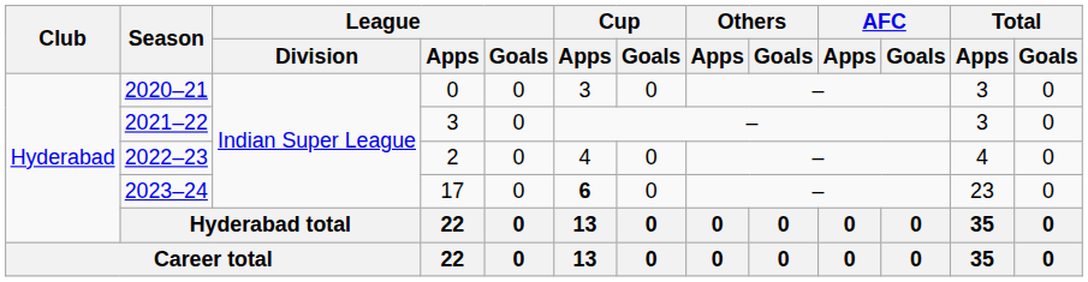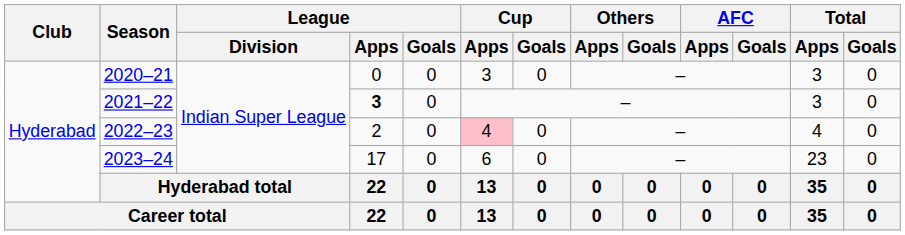 <table class="wikitable" style="text-align:center">
 <tr>
 <th rowspan="2">Club</th>
 <th rowspan="2">Season</th>
 <th colspan="3">League</th>
 <th colspan="2">Cup</th>
 <th colspan="2">Others</th>
 <th colspan="2"><a href='#'>AFC</a></th>
 <th colspan="2">Total</th>
 </tr>
 <tr>
 <th>Division</th>
 <th>Apps</th>
 <th>Goals</th>
 <th>Apps</th>
 <th>Goals</th>
 <th>Apps</th>
 <th>Goals</th>
 <th>Apps</th>
 <th>Goals</th>
 <th>Apps</th>
 <th>Goals</th>
 </tr>
 <tr>
 <td rowspan=5><a href='#'>Hyderabad</a></td>
 <td><a href='#'>2020–21</a></td>
 <td rowspan=4><a href='#'>Indian Super League</a></td>
 <td>0</td>
 <td>0</td>
 <td>3</td>
 <td>0</td>
 <td colspan=4>–</td>
 <td>3</td>
 <td>0</td>
 </tr>
 <tr>
 <td><a href='#'>2021–22</a></td>
-<td>3</td>
+<td><strong>3</strong></td>
 <td>0</td>
 <td colspan=6>–</td>
 <td>3</td>
 <td>0</td>
 </tr>
 <tr>
 <td><a href='#'>2022–23</a></td>
 <td>2</td>
 <td>0</td>
-<td>4</td>
+<td style="background: pink;">4</td>
 <td>0</td>
 <td colspan=4>–</td>
 <td>4</td>
 <td>0</td>
 </tr>
 <tr>
 <td><a href='#'>2023–24</a></td>
 <td>17</td>
 <td>0</td>
-<td><strong>6</strong></td>
+<td>6</td>
 <td>0</td>
 <td colspan=4>–</td>
 <td>23</td>
 <td>0</td>
 </tr>
 <tr>
 <th colspan=2><strong>Hyderabad total</strong></th>
 <th>22</th>
 <th>0</th>
 <th>13</th>
 <th>0</th>
 <th>0</th>
 <th>0</th>
 <th>0</th>
 <th>0</th>
 <th>35</th>
 <th>0</th>
 </tr>
 <tr>
 <th colspan=3><strong>Career total</strong></th>
 <th>22</th>
 <th>0</th>
 <th>13</th>
 <th>0</th>
 <th>0</th>
 <th>0</th>
 <th>0</th>
 <th>0</th>
 <th>35</th>
 <th>0</th>
 </tr>
 </table>
